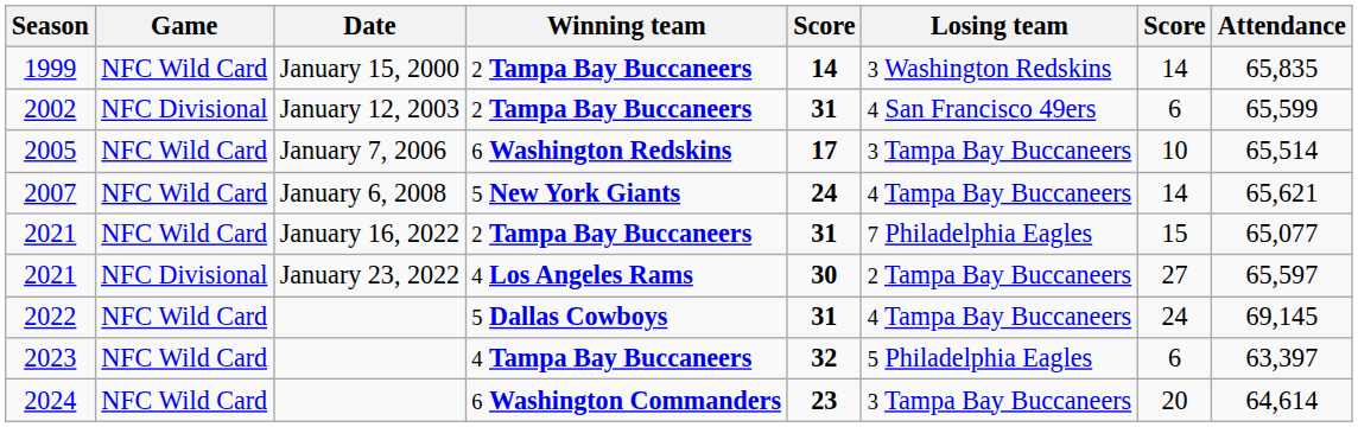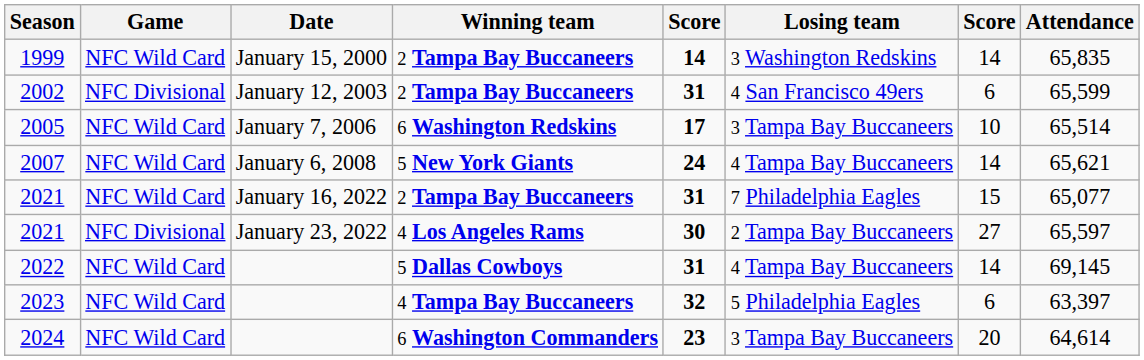 <table class="wikitable">
 <tr style="background:#efefef;">
 <th style="text-align:center;">Season</th>
 <th style="text-align:center;">Game</th>
 <th style="text-align:center;">Date</th>
 <th style="text-align:center;">Winning team</th>
 <th style="text-align:center;">Score</th>
 <th style="text-align:center;">Losing team</th>
 <th style="text-align:center;">Score</th>
 <th style="text-align:center;">Attendance</th>
 </tr>
 <tr>
 <td align=center><a href='#'>1999</a></td>
 <td align=center><a href='#'>NFC Wild Card</a></td>
 <td>January 15, 2000</td>
 <td><small>2</small> <strong><a href='#'>Tampa Bay Buccaneers</a></strong></td>
 <td align=center><strong>14</strong></td>
 <td><small>3</small> <a href='#'>Washington Redskins</a></td>
 <td align=center>14</td>
 <td align=center>65,835</td>
 </tr>
 <tr>
 <td align=center><a href='#'>2002</a></td>
 <td align=center><a href='#'>NFC Divisional</a></td>
 <td>January 12, 2003</td>
 <td><small>2</small> <strong><a href='#'>Tampa Bay Buccaneers</a></strong></td>
 <td align=center><strong>31</strong></td>
 <td><small>4</small> <a href='#'>San Francisco 49ers</a></td>
 <td align=center>6</td>
 <td align=center>65,599</td>
 </tr>
 <tr>
 <td align=center><a href='#'>2005</a></td>
 <td align=center><a href='#'>NFC Wild Card</a></td>
 <td>January 7, 2006</td>
 <td><small>6</small> <strong><a href='#'>Washington Redskins</a></strong></td>
 <td align=center><strong>17</strong></td>
 <td><small>3</small> <a href='#'>Tampa Bay Buccaneers</a></td>
 <td align=center>10</td>
 <td align=center>65,514</td>
 </tr>
 <tr>
 <td align=center><a href='#'>2007</a></td>
 <td align=center><a href='#'>NFC Wild Card</a></td>
 <td>January 6, 2008</td>
 <td><small>5</small> <strong><a href='#'>New York Giants</a></strong></td>
 <td align=center><strong>24</strong></td>
 <td><small>4</small> <a href='#'>Tampa Bay Buccaneers</a></td>
 <td align=center>14</td>
 <td align=center>65,621</td>
 </tr>
 <tr>
 <td align=center><a href='#'>2021</a></td>
 <td align=center><a href='#'>NFC Wild Card</a></td>
 <td>January 16, 2022</td>
 <td><small>2</small> <strong><a href='#'>Tampa Bay Buccaneers</a></strong></td>
 <td align=center><strong>31</strong></td>
 <td><small>7</small> <a href='#'>Philadelphia Eagles</a></td>
 <td align=center>15</td>
 <td align=center>65,077</td>
 </tr>
 <tr>
 <td align=center><a href='#'>2021</a></td>
 <td align=center><a href='#'>NFC Divisional</a></td>
 <td>January 23, 2022</td>
 <td><small>4</small> <strong><a href='#'>Los Angeles Rams</a></strong></td>
 <td align=center><strong>30</strong></td>
 <td><small>2</small> <a href='#'>Tampa Bay Buccaneers</a></td>
 <td align=center>27</td>
 <td align=center>65,597</td>
 </tr>
 <tr>
 <td align=center><a href='#'>2022</a></td>
 <td align=center><a href='#'>NFC Wild Card</a></td>
 <td></td>
 <td><small>5</small> <strong><a href='#'>Dallas Cowboys</a></strong></td>
 <td align=center><strong>31</strong></td>
 <td><small>4</small> <a href='#'>Tampa Bay Buccaneers</a></td>
-<td align=center>24</td>
+<td align=center>14</td>
 <td align=center>69,145</td>
 </tr>
 <tr>
 <td align=center><a href='#'>2023</a></td>
 <td align=center><a href='#'>NFC Wild Card</a></td>
 <td></td>
 <td><small>4</small> <strong><a href='#'>Tampa Bay Buccaneers</a></strong></td>
 <td align=center><strong>32</strong></td>
 <td><small>5</small> <a href='#'>Philadelphia Eagles</a></td>
 <td align=center>6</td>
 <td align=center>63,397</td>
 </tr>
 <tr>
 <td align=center><a href='#'>2024</a></td>
 <td align=center><a href='#'>NFC Wild Card</a></td>
 <td></td>
 <td><small>6</small> <strong><a href='#'>Washington Commanders</a></strong></td>
 <td align=center><strong>23</strong></td>
 <td><small>3</small> <a href='#'>Tampa Bay Buccaneers</a></td>
 <td align=center>20</td>
 <td align=center>64,614</td>
 </tr>
 </table>
